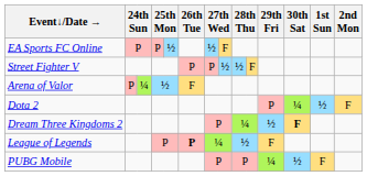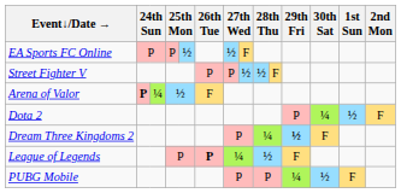 <table class="wikitable" style="margin:0.5em auto; font-size:90%; line-height:1.25em; text-align:center;">
 <tr>
 <th>Event↓/Date →</th>
 <th colspan="2">24th<br>Sun</th>
 <th colspan="2">25th<br>Mon</th>
 <th>26th<br>Tue</th>
 <th colspan="2">27th<br>Wed</th>
 <th colspan="2">28th<br>Thu</th>
 <th>29th<br>Fri</th>
 <th>30th<br>Sat</th>
 <th>1st<br>Sun</th>
 <th>2nd<br>Mon</th>
 </tr>
 <tr>
 <td align="left"><em><a href='#'>EA Sports FC Online</a></em></td>
 <td colspan="2" bgcolor="#FFBBBB">P</td>
 <td bgcolor="#FFBBBB">P</td>
 <td bgcolor="#97DEFF">½</td>
 <td></td>
 <td bgcolor="#97DEFF">½</td>
 <td bgcolor="#FFDF80">F</td>
 <td colspan="2"></td>
 <td></td>
 <td></td>
 <td></td>
 <td></td>
 </tr>
 <tr>
 <td align="left"><em><a href='#'>Street Fighter V</a></em></td>
 <td colspan="2"></td>
 <td colspan="2"></td>
 <td bgcolor="#FFBBBB">P</td>
 <td bgcolor="#FFBBBB">P</td>
 <td bgcolor="#97DEFF">½</td>
 <td bgcolor="#97DEFF">½</td>
 <td bgcolor="#FFDF80">F</td>
 <td></td>
 <td></td>
 <td></td>
 <td></td>
 </tr>
 <tr>
 <td align="left"><em><a href='#'>Arena of Valor</a></em></td>
-<td bgcolor="#FFBBBB">P</td>
+<td bgcolor="#FFBBBB"><strong>P</strong></td>
 <td bgcolor="#AFF55B">¼</td>
 <td colspan="2" bgcolor="#97DEFF">½</td>
 <td bgcolor="#FFDF80">F</td>
 <td colspan="2"></td>
 <td colspan="2"></td>
 <td></td>
 <td></td>
 <td></td>
 <td></td>
 </tr>
 <tr>
 <td align="left"><em><a href='#'>Dota 2</a></em></td>
 <td colspan="2"></td>
 <td colspan="2"></td>
 <td></td>
 <td colspan="2"></td>
 <td colspan="2"></td>
 <td bgcolor="#FFBBBB">P</td>
 <td bgcolor="#AFF55B">¼</td>
 <td bgcolor="#97DEFF">½</td>
 <td bgcolor="#FFDF80">F</td>
 </tr>
 <tr>
 <td align="left"><em><a href='#'>Dream Three Kingdoms 2</a></em></td>
 <td colspan="2"></td>
 <td colspan="2"></td>
 <td></td>
 <td colspan="2" bgcolor="#FFBBBB">P</td>
 <td colspan="2" bgcolor="#AFF55B">¼</td>
-<td bgcolor="#97DEFF">½</td>
-<td bgcolor="#FFDF80"><strong>F</strong></td>
+<td bgcolor="#97DEFF"><strong>½</strong></td>
+<td bgcolor="#FFDF80">F</td>
 <td></td>
 <td></td>
 </tr>
 <tr>
 <td align="left"><em><a href='#'>League of Legends</a></em></td>
 <td colspan="2"></td>
 <td colspan="2" bgcolor="#FFBBBB">P</td>
 <td bgcolor="#FFBBBB"><strong>P</strong></td>
 <td colspan="2" bgcolor="#AFF55B">¼</td>
 <td colspan="2" bgcolor="#97DEFF">½</td>
 <td bgcolor="#FFDF80">F</td>
 <td></td>
 <td></td>
 <td></td>
 </tr>
 <tr>
 <td align="left"><em><a href='#'>PUBG Mobile</a></em></td>
 <td colspan="2"></td>
 <td colspan="2"></td>
 <td></td>
 <td colspan="2" bgcolor="#FFBBBB">P</td>
 <td colspan="2" bgcolor="#FFBBBB">P</td>
 <td bgcolor="#AFF55B">¼</td>
 <td bgcolor="#97DEFF">½</td>
 <td bgcolor="#FFDF80">F</td>
 <td></td>
 </tr>
 </table>
